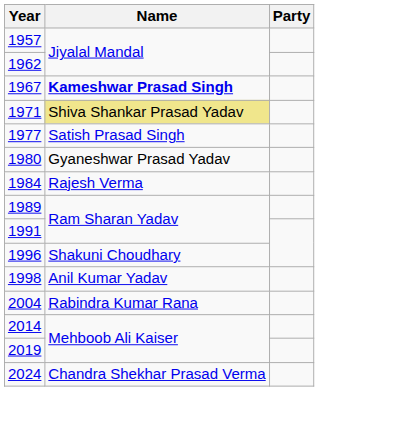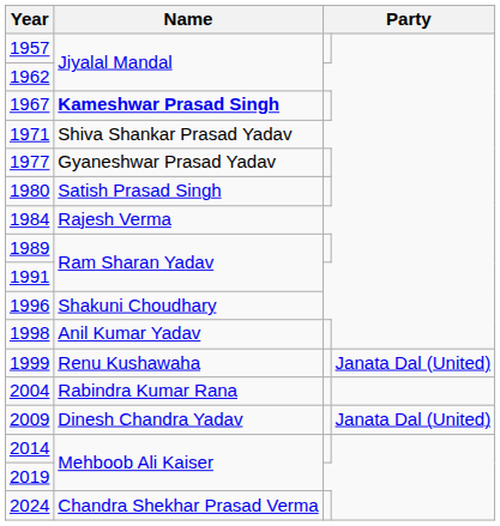 <table class="wikitable">
 <tr>
 <th>Year</th>
 <th>Name</th>
 <th colspan="2">Party</th>
 </tr>
 <tr>
 <td><a href='#'>1957</a></td>
 <td rowspan="2"><a href='#'>Jiyalal Mandal</a></td>
 <td></td>
 </tr>
 <tr>
 <td><a href='#'>1962</a></td>
 </tr>
 <tr>
 <td><a href='#'>1967</a></td>
 <td><strong><a href='#'>Kameshwar Prasad Singh</a></strong></td>
 <td></td>
 </tr>
 <tr>
 <td><a href='#'>1971</a></td>
-<td style="background: khaki;">Shiva Shankar Prasad Yadav</td>
+<td>Shiva Shankar Prasad Yadav</td>
 </tr>
 <tr>
 <td><a href='#'>1977</a></td>
-<td><a href='#'>Satish Prasad Singh</a></td>
+<td>Gyaneshwar Prasad Yadav</td>
 <td></td>
 </tr>
 <tr>
 <td><a href='#'>1980</a></td>
-<td>Gyaneshwar Prasad Yadav</td>
+<td><a href='#'>Satish Prasad Singh</a></td>
 <td></td>
 </tr>
 <tr>
 <td><a href='#'>1984</a></td>
 <td><a href='#'>Rajesh Verma</a></td>
 </tr>
 <tr>
 <td><a href='#'>1989</a></td>
 <td rowspan="2"><a href='#'>Ram Sharan Yadav</a></td>
 <td></td>
 </tr>
 <tr>
 <td><a href='#'>1991</a></td>
 </tr>
 <tr>
 <td><a href='#'>1996</a></td>
 <td><a href='#'>Shakuni Choudhary</a></td>
 </tr>
 <tr>
 <td><a href='#'>1998</a></td>
 <td><a href='#'>Anil Kumar Yadav</a></td>
 <td></td>
 </tr>
 <tr>
+<td><a href='#'>1999</a></td>
+<td><a href='#'>Renu Kushawaha</a></td>
+<td style="background-color: "></td>
+<td><a href='#'>Janata Dal (United)</a></td>
+</tr>
+<tr>
 <td><a href='#'>2004</a></td>
 <td><a href='#'>Rabindra Kumar Rana</a></td>
 <td></td>
+</tr>
+<tr>
+<td><a href='#'>2009</a></td>
+<td><a href='#'>Dinesh Chandra Yadav</a></td>
+<td style="background-color: "></td>
+<td><a href='#'>Janata Dal (United)</a></td>
 </tr>
 <tr>
 <td><a href='#'>2014</a></td>
 <td rowspan="2"><a href='#'>Mehboob Ali Kaiser</a></td>
 <td></td>
 </tr>
 <tr>
 <td><a href='#'>2019</a></td>
 </tr>
 <tr>
 <td><a href='#'>2024</a></td>
 <td><a href='#'>Chandra Shekhar Prasad Verma</a></td>
 <td></td>
 </tr>
 </table>
